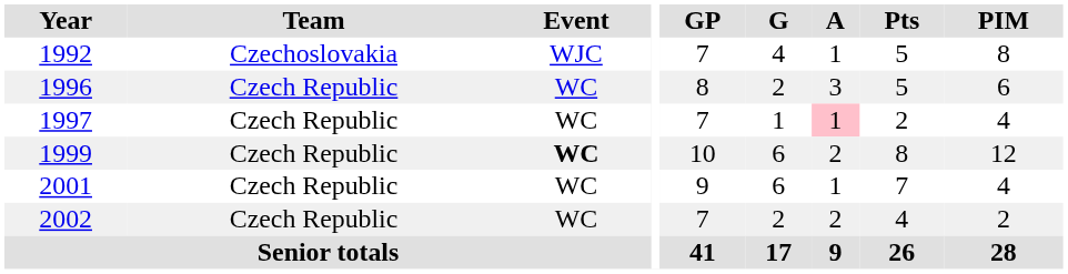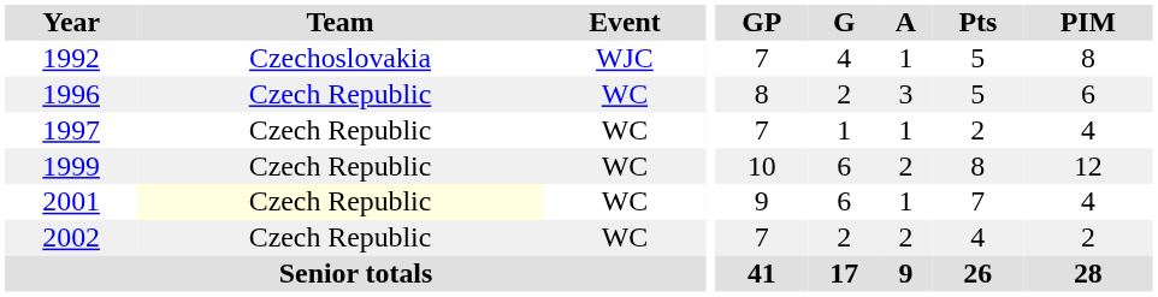 <table border="0" cellpadding="1" cellspacing="0" ID="Table3" style="text-align:center; width:40em">
 <tr ALIGN="center" bgcolor="#e0e0e0">
 <th>Year</th>
 <th>Team</th>
 <th>Event</th>
 <th rowspan="99" bgcolor="#ffffff"></th>
 <th>GP</th>
 <th>G</th>
 <th>A</th>
 <th>Pts</th>
 <th>PIM</th>
 </tr>
 <tr>
 <td><a href='#'>1992</a></td>
 <td><a href='#'>Czechoslovakia</a></td>
 <td><a href='#'>WJC</a></td>
 <td>7</td>
 <td>4</td>
 <td>1</td>
 <td>5</td>
 <td>8</td>
 </tr>
 <tr bgcolor="#f0f0f0">
 <td><a href='#'>1996</a></td>
 <td><a href='#'>Czech Republic</a></td>
 <td><a href='#'>WC</a></td>
 <td>8</td>
 <td>2</td>
 <td>3</td>
 <td>5</td>
 <td>6</td>
 </tr>
 <tr>
 <td><a href='#'>1997</a></td>
 <td>Czech Republic</td>
 <td>WC</td>
 <td>7</td>
 <td>1</td>
-<td style="background: pink;">1</td>
+<td>1</td>
 <td>2</td>
 <td>4</td>
 </tr>
 <tr bgcolor="#f0f0f0">
 <td><a href='#'>1999</a></td>
 <td>Czech Republic</td>
-<td><strong>WC</strong></td>
+<td>WC</td>
 <td>10</td>
 <td>6</td>
 <td>2</td>
 <td>8</td>
 <td>12</td>
 </tr>
 <tr>
 <td><a href='#'>2001</a></td>
-<td>Czech Republic</td>
+<td style="background: lightyellow;">Czech Republic</td>
 <td>WC</td>
 <td>9</td>
 <td>6</td>
 <td>1</td>
 <td>7</td>
 <td>4</td>
 </tr>
 <tr bgcolor="#f0f0f0">
 <td><a href='#'>2002</a></td>
 <td>Czech Republic</td>
 <td>WC</td>
 <td>7</td>
 <td>2</td>
 <td>2</td>
 <td>4</td>
 <td>2</td>
 </tr>
 <tr bgcolor="#e0e0e0">
 <th colspan="3">Senior totals</th>
 <th>41</th>
 <th>17</th>
 <th>9</th>
 <th>26</th>
 <th>28</th>
 </tr>
 </table>
